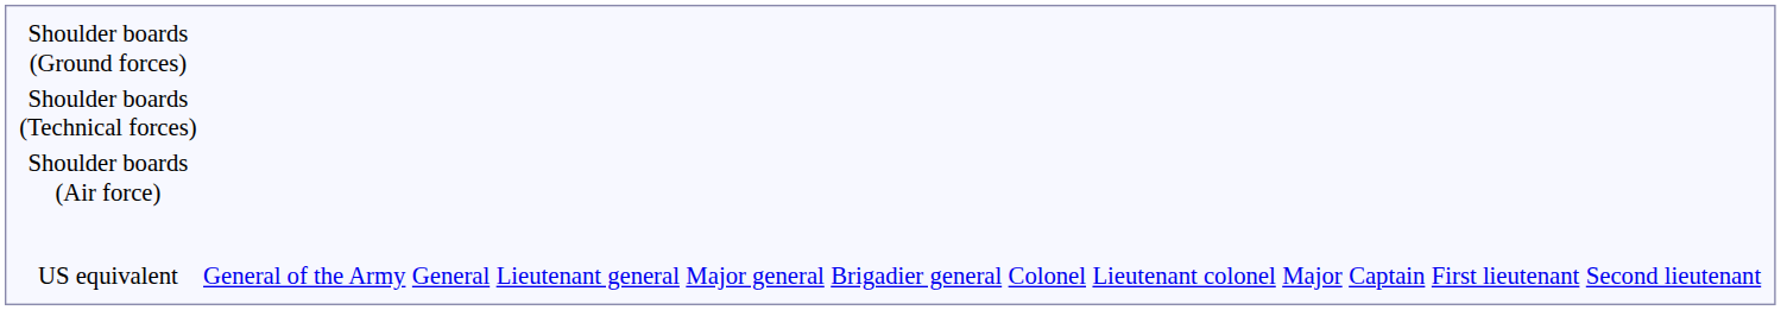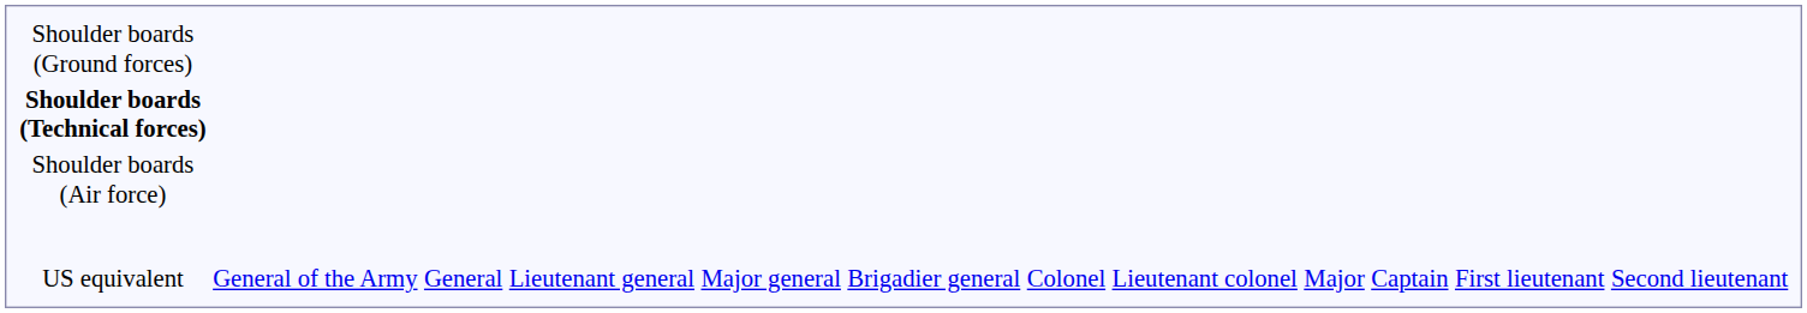 <table style="border:1px solid #8888aa; background-color:#f7f8ff; padding:5px; font-size:95%; margin: 0px 12px 12px 0px; text-align:center;">
 <tr>
 <td>Shoulder boards<br>(Ground forces)</td>
 <td colspan=2 rowspan="3"></td>
 <td></td>
 <td></td>
 <td colspan=2></td>
 <td colspan=2></td>
 <td colspan=2></td>
 <td colspan=2></td>
 <td colspan=2></td>
 <td colspan=2></td>
 <td colspan=2></td>
 <td colspan=2></td>
 <td colspan=2></td>
 <td colspan=2></td>
 </tr>
 <tr>
-<td>Shoulder boards<br>(Technical    forces)</td>
+<td><strong>Shoulder boards<br>(Technical    forces)</strong></td>
 <td colspan="2" rowspan="2"></td>
 <td colspan=2></td>
 <td colspan=2></td>
 <td colspan=2></td>
 <td colspan=2></td>
 <td colspan=2></td>
 <td colspan=2></td>
 <td colspan=2></td>
 <td colspan=2></td>
 <td colspan=2></td>
 <td colspan=2></td>
 </tr>
 <tr>
 <td>Shoulder boards<br>(Air force)</td>
 <td colspan=2></td>
 <td colspan=2></td>
 <td colspan=2></td>
 <td colspan=2></td>
 <td colspan=2></td>
 <td colspan=2></td>
 <td colspan=2></td>
 <td colspan=2></td>
 <td colspan=2></td>
 <td colspan=2></td>
 </tr>
 <tr>
 <td></td>
 <td colspan=2></td>
 <td></td>
 <td></td>
 </tr>
 <tr style="text-align:center;">
 <td></td>
 <td colspan=2><br></td>
 <td colspan=2><br></td>
 <td colspan=2><br></td>
 <td colspan=2><br></td>
 <td colspan=2><br></td>
 <td colspan=2><br></td>
 <td colspan=2><br></td>
 <td colspan=2><br></td>
 <td colspan=2><br></td>
 <td colspan=2><br></td>
 <td colspan=2><br></td>
 <td colspan=2><br></td>
 </tr>
 <tr style="text-align:center;">
 <td colspan=25></td>
 </tr>
 <tr style="text-align:center;">
 <td>US equivalent</td>
 <td colspan=2><a href='#'>General of the Army</a></td>
 <td colspan=2><a href='#'>General</a></td>
 <td colspan=2><a href='#'>Lieutenant general</a></td>
 <td colspan=2><a href='#'>Major general</a></td>
 <td colspan=2><a href='#'>Brigadier general</a></td>
 <td colspan=2><a href='#'>Colonel</a></td>
 <td colspan=2><a href='#'>Lieutenant colonel</a></td>
 <td colspan=2><a href='#'>Major</a></td>
 <td colspan=2><a href='#'>Captain</a></td>
 <td colspan=2><a href='#'>First lieutenant</a></td>
 <td colspan=4><a href='#'>Second lieutenant</a></td>
 </tr>
 </table>
